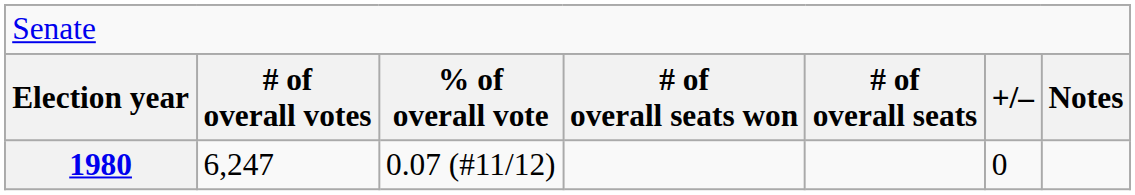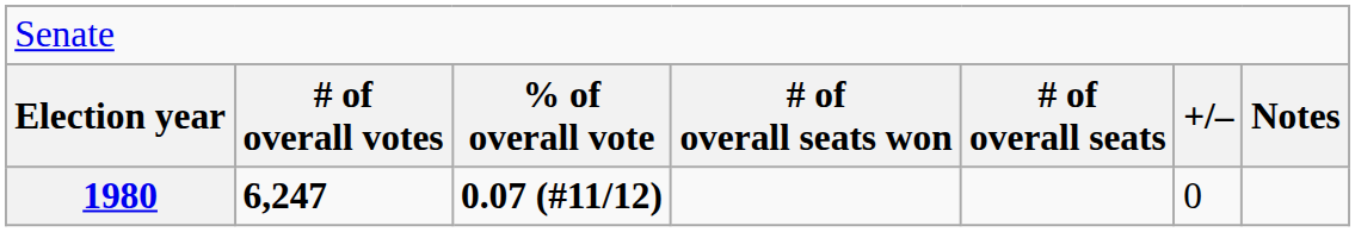 <table class=wikitable>
 <tr>
 <td colspan=7><a href='#'>Senate</a></td>
 </tr>
 <tr>
 <th>Election year</th>
 <th># of<br>overall votes</th>
 <th>% of<br>overall vote</th>
 <th># of<br>overall seats won</th>
 <th># of<br>overall seats</th>
 <th>+/–</th>
 <th>Notes</th>
 </tr>
 <tr>
 <th><a href='#'>1980</a></th>
-<td>6,247</td>
-<td>0.07 (#11/12)</td>
+<td><strong>6,247</strong></td>
+<td><strong>0.07 (#11/12)</strong></td>
 <td></td>
 <td></td>
 <td> 0</td>
 <td></td>
 </tr>
 </table>
